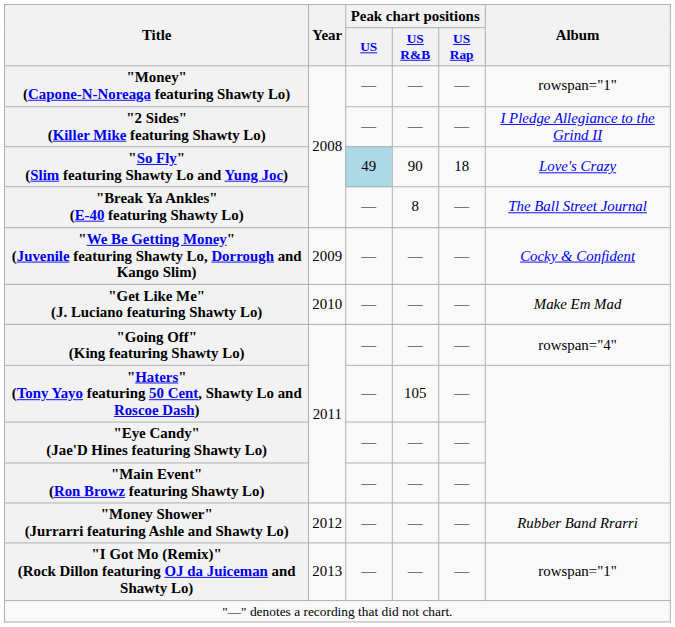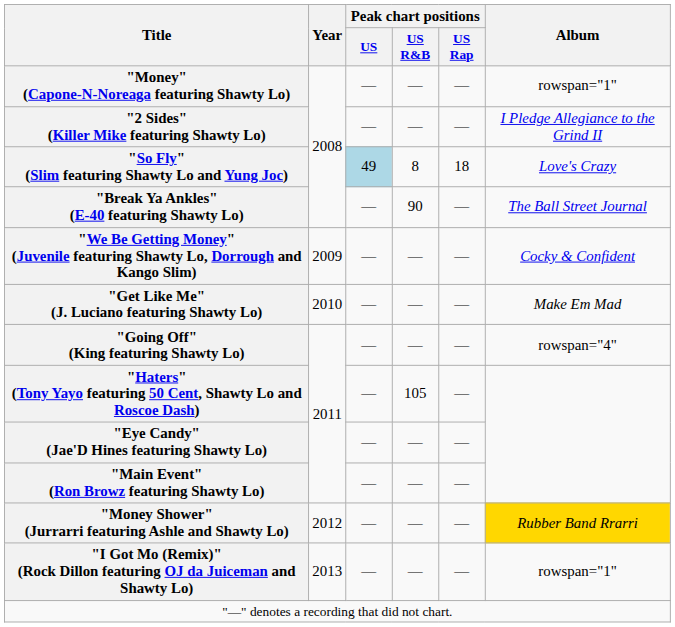 <table class="wikitable plainrowheaders" style="text-align:center;">
 <tr>
 <th scope="col" rowspan="2" style="width:20em;">Title</th>
 <th scope="col" rowspan="2">Year</th>
 <th scope="col" colspan="3">Peak chart positions</th>
 <th scope="col" rowspan="2" style="width:12em;">Album</th>
 </tr>
 <tr>
 <th scope="col" style="width:3em; font-size:90%"><a href='#'>US</a></th>
 <th scope="col" style="width:3em; font-size:90%"><a href='#'>US<br>R&B</a></th>
 <th scope="col" style="width:3em; font-size:90%"><a href='#'>US<br>Rap</a></th>
 </tr>
 <tr>
 <th scope="row">"Money"<br><span>(<a href='#'>Capone-N-Noreaga</a> featuring Shawty Lo)</span></th>
 <td rowspan="4">2008</td>
 <td>—</td>
 <td>—</td>
 <td>—</td>
 <td>rowspan="1" </td>
 </tr>
 <tr>
 <th scope="row">"2 Sides"<br><span>(<a href='#'>Killer Mike</a> featuring Shawty Lo)</span></th>
 <td>—</td>
 <td>—</td>
 <td>—</td>
 <td><em><a href='#'>I Pledge Allegiance to the Grind II</a></em></td>
 </tr>
 <tr>
 <th scope="row">"<a href='#'>So Fly</a>"<br><span>(<a href='#'>Slim</a> featuring Shawty Lo and <a href='#'>Yung Joc</a>)</span></th>
 <td style="background: lightblue;">49</td>
-<td>90</td>
+<td>8</td>
 <td>18</td>
 <td><em><a href='#'>Love's Crazy</a></em></td>
 </tr>
 <tr>
 <th scope="row">"Break Ya Ankles"<br><span>(<a href='#'>E-40</a> featuring Shawty Lo)</span></th>
 <td>—</td>
-<td>8</td>
+<td>90</td>
 <td>—</td>
 <td><em><a href='#'>The Ball Street Journal</a></em></td>
 </tr>
 <tr>
 <th scope="row">"<a href='#'>We Be Getting Money</a>"<br><span>(<a href='#'>Juvenile</a> featuring Shawty Lo, <a href='#'>Dorrough</a> and Kango Slim)</span></th>
 <td>2009</td>
 <td>—</td>
 <td>—</td>
 <td>—</td>
 <td><em><a href='#'>Cocky & Confident</a></em></td>
 </tr>
 <tr>
 <th scope="row">"Get Like Me"<br><span>(J. Luciano featuring Shawty Lo)</span></th>
 <td>2010</td>
 <td>—</td>
 <td>—</td>
 <td>—</td>
 <td><em>Make Em Mad</em></td>
 </tr>
 <tr>
 <th scope="row">"Going Off"<br><span>(King featuring Shawty Lo)</span></th>
 <td rowspan="4">2011</td>
 <td>—</td>
 <td>—</td>
 <td>—</td>
 <td>rowspan="4" </td>
 </tr>
 <tr>
 <th scope="row">"<a href='#'>Haters</a>"<br><span>(<a href='#'>Tony Yayo</a> featuring <a href='#'>50 Cent</a>, Shawty Lo and <a href='#'>Roscoe Dash</a>)</span></th>
 <td>—</td>
 <td>105<br></td>
 <td>—</td>
 </tr>
 <tr>
 <th scope="row">"Eye Candy"<br><span>(Jae'D Hines featuring Shawty Lo)</span></th>
 <td>—</td>
 <td>—</td>
 <td>—</td>
 </tr>
 <tr>
 <th scope="row">"Main Event"<br><span>(<a href='#'>Ron Browz</a> featuring Shawty Lo)</span></th>
 <td>—</td>
 <td>—</td>
 <td>—</td>
 </tr>
 <tr>
 <th scope="row">"Money Shower"<br><span>(Jurrarri featuring Ashle and Shawty Lo)</span></th>
 <td>2012</td>
 <td>—</td>
 <td>—</td>
 <td>—</td>
-<td><em>Rubber Band Rrarri</em></td>
+<td style="background: gold;"><em>Rubber Band Rrarri</em></td>
 </tr>
 <tr>
 <th scope="row">"I Got Mo (Remix)"<br><span>(Rock Dillon featuring <a href='#'>OJ da Juiceman</a> and Shawty Lo)</span></th>
 <td>2013</td>
 <td>—</td>
 <td>—</td>
 <td>—</td>
 <td>rowspan="1" </td>
 </tr>
 <tr>
 <td colspan="14" style="font-size:90%">"—" denotes a recording that did not chart.</td>
 </tr>
 </table>
